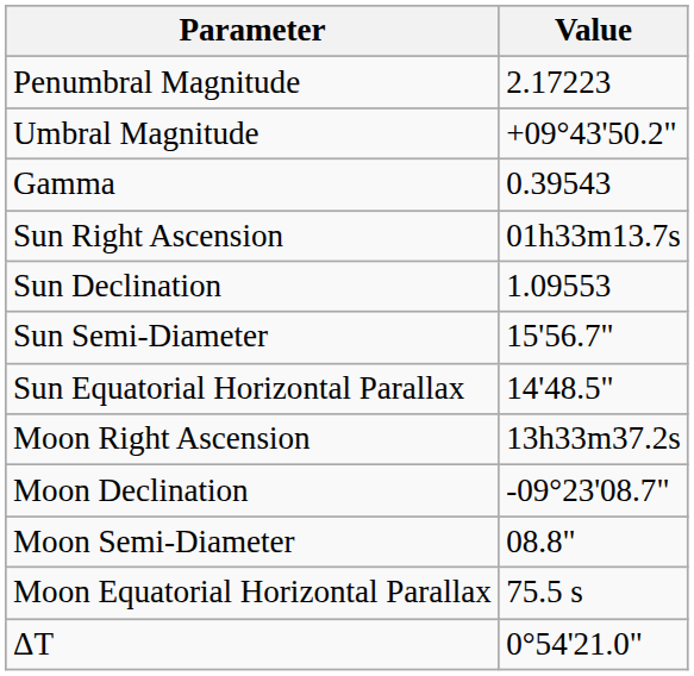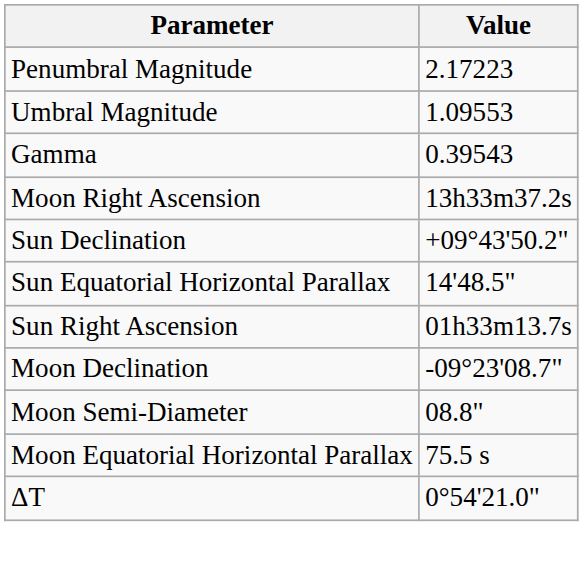 <table class="wikitable">
 <tr>
 <th>Parameter</th>
 <th>Value</th>
 </tr>
 <tr>
 <td>Penumbral Magnitude</td>
 <td>2.17223</td>
 </tr>
 <tr>
 <td>Umbral Magnitude</td>
-<td>+09°43'50.2"</td>
+<td>1.09553</td>
 </tr>
 <tr>
 <td>Gamma</td>
 <td>0.39543</td>
 </tr>
 <tr>
-<td>Sun Right Ascension</td>
-<td>01h33m13.7s</td>
+<td>Moon Right Ascension</td>
+<td>13h33m37.2s</td>
 </tr>
 <tr>
 <td>Sun Declination</td>
-<td>1.09553</td>
-</tr>
-<tr>
-<td>Sun Semi-Diameter</td>
-<td>15'56.7"</td>
+<td>+09°43'50.2"</td>
 </tr>
 <tr>
 <td>Sun Equatorial Horizontal Parallax</td>
 <td>14'48.5"</td>
 </tr>
 <tr>
-<td>Moon Right Ascension</td>
-<td>13h33m37.2s</td>
+<td>Sun Right Ascension</td>
+<td>01h33m13.7s</td>
 </tr>
 <tr>
 <td>Moon Declination</td>
 <td>-09°23'08.7"</td>
 </tr>
 <tr>
 <td>Moon Semi-Diameter</td>
 <td>08.8"</td>
 </tr>
 <tr>
 <td>Moon Equatorial Horizontal Parallax</td>
 <td>75.5 s</td>
 </tr>
 <tr>
 <td>ΔT</td>
 <td>0°54'21.0"</td>
 </tr>
 </table>
